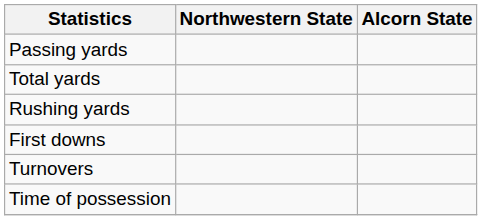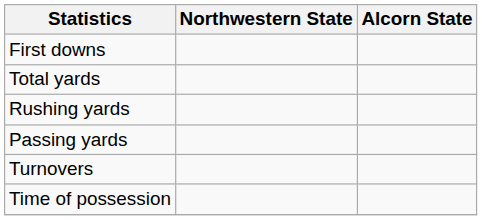 <table class="wikitable">
 <tr>
 <th>Statistics</th>
 <th>Northwestern State</th>
 <th>Alcorn State</th>
 </tr>
 <tr>
-<td>Passing yards</td>
+<td>First downs</td>
 <td> </td>
 <td> </td>
 </tr>
 <tr>
 <td>Total yards</td>
 <td> </td>
 <td> </td>
 </tr>
 <tr>
 <td>Rushing yards</td>
 <td> </td>
 <td> </td>
 </tr>
 <tr>
-<td>First downs</td>
+<td>Passing yards</td>
 <td> </td>
 <td> </td>
 </tr>
 <tr>
 <td>Turnovers</td>
 <td> </td>
 <td> </td>
 </tr>
 <tr>
 <td>Time of possession</td>
 <td> </td>
 <td> </td>
 </tr>
 <tr>
 </tr>
 </table>
